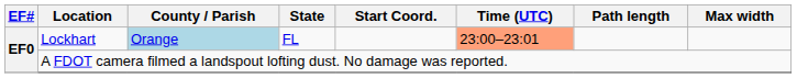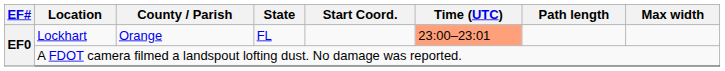 <table class="wikitable sortable" style="width:100%;">
 <tr>
 <th scope="col" width="2%" align="center"><a href='#'>EF#</a></th>
 <th scope="col" align="center" class="unsortable">Location</th>
 <th scope="col" align="center" class="unsortable">County / Parish</th>
 <th scope="col" align="center">State</th>
 <th scope="col" align="center">Start Coord.</th>
 <th scope="col" align="center">Time (<a href='#'>UTC</a>)</th>
 <th scope="col" align="center">Path length</th>
 <th scope="col" align="center">Max width</th>
 </tr>
 <tr>
 <th scope="row" rowspan="2" style="background-color:#">EF0</th>
 <td><a href='#'>Lockhart</a></td>
-<td style="background: lightblue;"><a href='#'>Orange</a></td>
+<td><a href='#'>Orange</a></td>
 <td><a href='#'>FL</a></td>
 <td></td>
 <td style="background: lightsalmon;">23:00–23:01</td>
 <td></td>
 <td></td>
 </tr>
 <tr class="expand-child">
 <td colspan="8" style=" border-bottom: 1px solid black;">A <a href='#'>FDOT</a> camera filmed a landspout lofting dust. No damage was reported.</td>
 </tr>
 <tr>
 </tr>
 </table>
